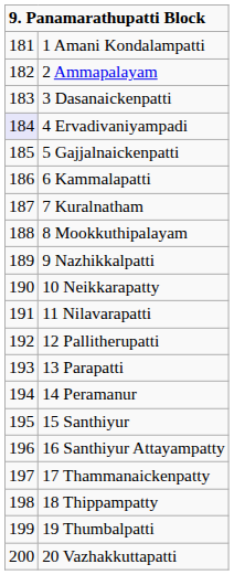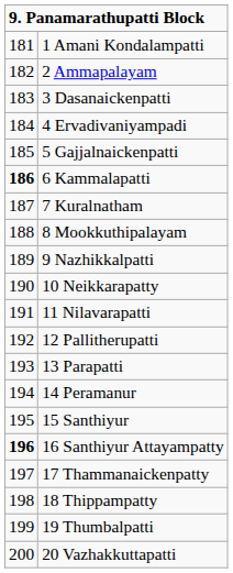 <table class="wikitable">
 <tr>
 <td colspan="2"><strong>9. Panamarathupatti Block</strong></td>
 </tr>
 <tr>
 <td>181</td>
 <td>1 Amani Kondalampatti</td>
 </tr>
 <tr>
 <td>182</td>
 <td>2 <a href='#'>Ammapalayam</a></td>
 </tr>
 <tr>
 <td>183</td>
 <td>3 Dasanaickenpatti</td>
 </tr>
 <tr>
-<td style="background: lavender;">184</td>
+<td>184</td>
 <td>4 Ervadivaniyampadi</td>
 </tr>
 <tr>
 <td>185</td>
 <td>5 Gajjalnaickenpatti</td>
 </tr>
 <tr>
-<td>186</td>
+<td><strong>186</strong></td>
 <td>6 Kammalapatti</td>
 </tr>
 <tr>
 <td>187</td>
 <td>7 Kuralnatham</td>
 </tr>
 <tr>
 <td>188</td>
 <td>8 Mookkuthipalayam</td>
 </tr>
 <tr>
 <td>189</td>
 <td>9 Nazhikkalpatti</td>
 </tr>
 <tr>
 <td>190</td>
 <td>10 Neikkarapatty</td>
 </tr>
 <tr>
 <td>191</td>
 <td>11 Nilavarapatti</td>
 </tr>
 <tr>
 <td>192</td>
 <td>12 Pallitherupatti</td>
 </tr>
 <tr>
 <td>193</td>
 <td>13 Parapatti</td>
 </tr>
 <tr>
 <td>194</td>
 <td>14 Peramanur</td>
 </tr>
 <tr>
 <td>195</td>
 <td>15 Santhiyur</td>
 </tr>
 <tr>
-<td>196</td>
+<td><strong>196</strong></td>
 <td>16 Santhiyur Attayampatty</td>
 </tr>
 <tr>
 <td>197</td>
 <td>17 Thammanaickenpatty</td>
 </tr>
 <tr>
 <td>198</td>
 <td>18 Thippampatty</td>
 </tr>
 <tr>
 <td>199</td>
 <td>19 Thumbalpatti</td>
 </tr>
 <tr>
 <td>200</td>
 <td>20 Vazhakkuttapatti</td>
 </tr>
 </table>
